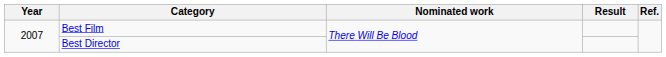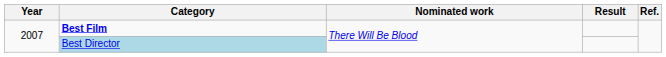 <table class=wikitable>
 <tr>
 <th scope="col" style="width:5em;">Year</th>
 <th scope="col" style="width:26em;">Category</th>
 <th scope="col" style="width:25em;">Nominated work</th>
 <th scope="col" style="width:5em;">Result</th>
 <th>Ref.</th>
 </tr>
 <tr>
 <td style="text-align:center;" rowspan="2">2007</td>
-<td><a href='#'>Best Film</a></td>
+<td><strong><a href='#'>Best Film</a></strong></td>
 <td rowspan="2"><em><a href='#'>There Will Be Blood</a></em></td>
 <td></td>
 <td rowspan="2"></td>
 </tr>
 <tr>
-<td><a href='#'>Best Director</a></td>
+<td style="background: lightblue;"><a href='#'>Best Director</a></td>
 <td></td>
 </tr>
 </table>
